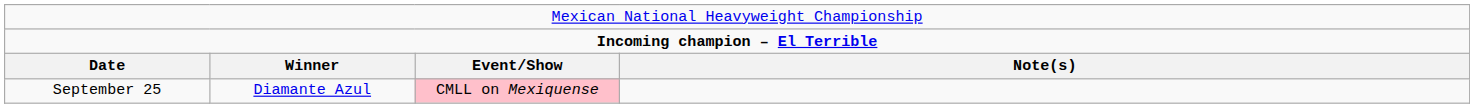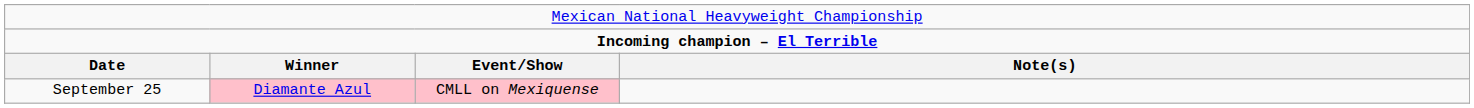 <table class="wikitable" style="text-align:center; width:100%;">
 <tr>
 <td colspan="4" style="text-align: center;"><a href='#'>Mexican National Heavyweight Championship</a></td>
 </tr>
 <tr>
 <td colspan="4" style="text-align: center;"><strong>Incoming champion – <a href='#'>El Terrible</a></strong></td>
 </tr>
 <tr>
 <th width=14%>Date</th>
 <th width=14%>Winner</th>
 <th width=14%>Event/Show</th>
 <th width=58%>Note(s)</th>
 </tr>
 <tr>
 <td>September 25</td>
-<td><a href='#'>Diamante Azul</a></td>
+<td style="background: pink;"><a href='#'>Diamante Azul</a></td>
 <td style="background: pink;">CMLL on <em>Mexiquense</em></td>
 <td></td>
 </tr>
 </table>
